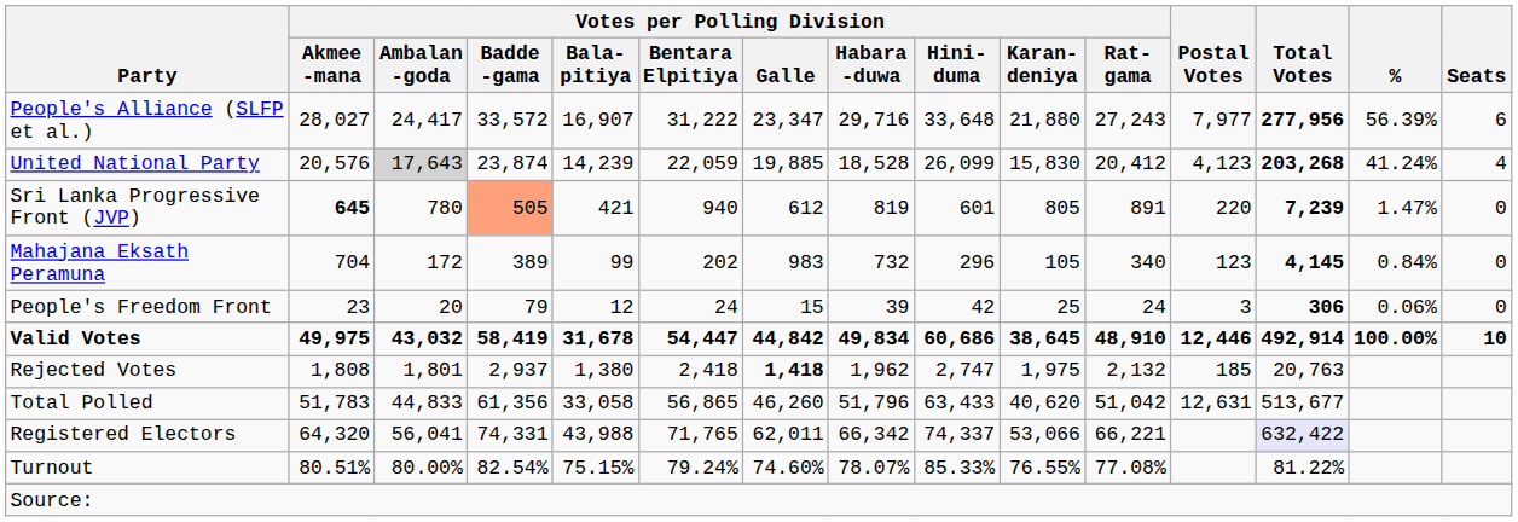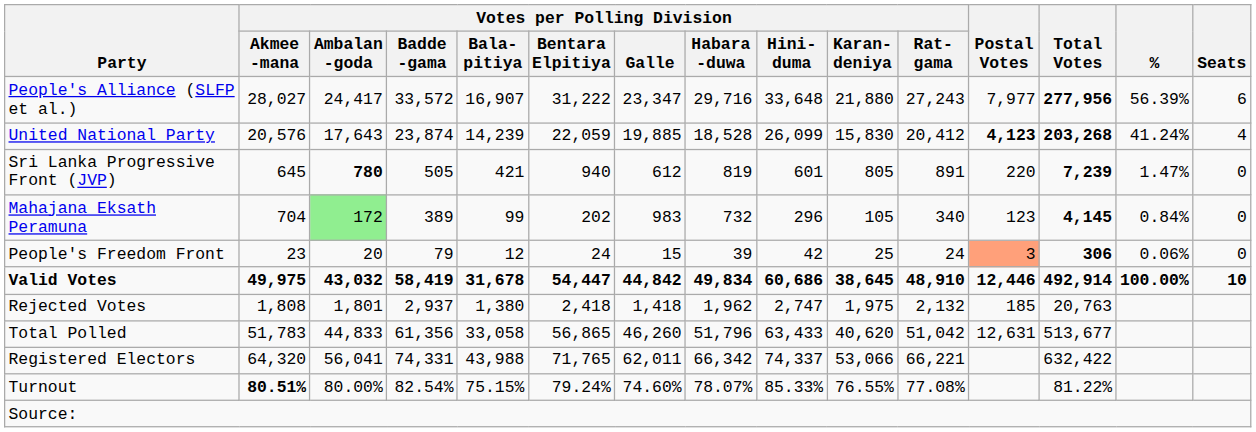 <table class="wikitable" border="1" style="text-align:right;">
 <tr>
 <th rowspan="2" align="left" valign="bottom" width="180">Party</th>
 <th colspan="10">Votes per Polling Division</th>
 <th rowspan="2" align="center" valign="bottom" width="50">Postal<br>Votes</th>
 <th rowspan="2" align="center" valign="bottom" width="50">Total Votes</th>
 <th rowspan="2" align="center" valign="bottom" width="50">%</th>
 <th rowspan="2" align="center" valign="bottom" width="40">Seats</th>
 </tr>
 <tr>
 <th align="center" valign="bottom" width="50">Akmee<br>-mana</th>
 <th align="center" valign="bottom" width="50">Ambalan<br>-goda</th>
 <th align="center" valign="bottom" width="50">Badde<br>-gama</th>
 <th align="center" valign="bottom" width="50">Bala-<br>pitiya</th>
 <th align="center" valign="bottom" width="50">Bentara<br>Elpitiya</th>
 <th align="center" valign="bottom" width="50">Galle</th>
 <th align="center" valign="bottom" width="50">Habara<br>-duwa</th>
 <th align="center" valign="bottom" width="50">Hini-<br>duma</th>
 <th align="center" valign="bottom" width="50">Karan-<br>deniya</th>
 <th align="center" valign="bottom" width="50">Rat-<br>gama</th>
 </tr>
 <tr>
 <td align="left"><a href='#'>People's Alliance</a> (<a href='#'>SLFP</a> et al.)</td>
 <td>28,027</td>
 <td>24,417</td>
 <td>33,572</td>
 <td>16,907</td>
 <td>31,222</td>
 <td>23,347</td>
 <td>29,716</td>
 <td>33,648</td>
 <td>21,880</td>
 <td>27,243</td>
 <td>7,977</td>
 <td><strong>277,956</strong></td>
 <td>56.39%</td>
 <td>6</td>
 </tr>
 <tr>
 <td align="left"><a href='#'>United National Party</a></td>
 <td>20,576</td>
-<td style="background: lightgrey;">17,643</td>
+<td>17,643</td>
 <td>23,874</td>
 <td>14,239</td>
 <td>22,059</td>
 <td>19,885</td>
 <td>18,528</td>
 <td>26,099</td>
 <td>15,830</td>
 <td>20,412</td>
-<td>4,123</td>
+<td><strong>4,123</strong></td>
 <td><strong>203,268</strong></td>
 <td>41.24%</td>
 <td>4</td>
 </tr>
 <tr>
 <td align="left">Sri Lanka Progressive Front (<a href='#'>JVP</a>)</td>
-<td><strong>645</strong></td>
-<td>780</td>
-<td style="background: lightsalmon;">505</td>
+<td>645</td>
+<td><strong>780</strong></td>
+<td>505</td>
 <td>421</td>
 <td>940</td>
 <td>612</td>
 <td>819</td>
 <td>601</td>
 <td>805</td>
 <td>891</td>
 <td>220</td>
 <td><strong>7,239</strong></td>
 <td>1.47%</td>
 <td>0</td>
 </tr>
 <tr>
 <td align="left"><a href='#'>Mahajana Eksath Peramuna</a></td>
 <td>704</td>
-<td>172</td>
+<td style="background: lightgreen;">172</td>
 <td>389</td>
 <td>99</td>
 <td>202</td>
 <td>983</td>
 <td>732</td>
 <td>296</td>
 <td>105</td>
 <td>340</td>
 <td>123</td>
 <td><strong>4,145</strong></td>
 <td>0.84%</td>
 <td>0</td>
 </tr>
 <tr>
 <td align="left">People's Freedom Front</td>
 <td>23</td>
 <td>20</td>
 <td>79</td>
 <td>12</td>
 <td>24</td>
 <td>15</td>
 <td>39</td>
 <td>42</td>
 <td>25</td>
 <td>24</td>
-<td>3</td>
+<td style="background: lightsalmon;">3</td>
 <td><strong>306</strong></td>
 <td>0.06%</td>
 <td>0</td>
 </tr>
 <tr>
 <td align="left"><strong>Valid Votes</strong></td>
 <td><strong>49,975</strong></td>
 <td><strong>43,032</strong></td>
 <td><strong>58,419</strong></td>
 <td><strong>31,678</strong></td>
 <td><strong>54,447</strong></td>
 <td><strong>44,842</strong></td>
 <td><strong>49,834</strong></td>
 <td><strong>60,686</strong></td>
 <td><strong>38,645</strong></td>
 <td><strong>48,910</strong></td>
 <td><strong>12,446</strong></td>
 <td><strong>492,914</strong></td>
 <td><strong>100.00%</strong></td>
 <td><strong>10</strong></td>
 </tr>
 <tr>
 <td align="left">Rejected Votes</td>
 <td>1,808</td>
 <td>1,801</td>
 <td>2,937</td>
 <td>1,380</td>
 <td>2,418</td>
-<td><strong>1,418</strong></td>
+<td>1,418</td>
 <td>1,962</td>
 <td>2,747</td>
 <td>1,975</td>
 <td>2,132</td>
 <td>185</td>
 <td>20,763</td>
 <td></td>
 <td></td>
 </tr>
 <tr>
 <td align="left">Total Polled</td>
 <td>51,783</td>
 <td>44,833</td>
 <td>61,356</td>
 <td>33,058</td>
 <td>56,865</td>
 <td>46,260</td>
 <td>51,796</td>
 <td>63,433</td>
 <td>40,620</td>
 <td>51,042</td>
 <td>12,631</td>
 <td>513,677</td>
 <td></td>
 <td></td>
 </tr>
 <tr>
 <td align="left">Registered Electors</td>
 <td>64,320</td>
 <td>56,041</td>
 <td>74,331</td>
 <td>43,988</td>
 <td>71,765</td>
 <td>62,011</td>
 <td>66,342</td>
 <td>74,337</td>
 <td>53,066</td>
 <td>66,221</td>
 <td></td>
-<td style="background: lavender;">632,422</td>
+<td>632,422</td>
 <td></td>
 <td></td>
 </tr>
 <tr>
 <td align="left">Turnout</td>
-<td>80.51%</td>
+<td><strong>80.51%</strong></td>
 <td>80.00%</td>
 <td>82.54%</td>
 <td>75.15%</td>
 <td>79.24%</td>
 <td>74.60%</td>
 <td>78.07%</td>
 <td>85.33%</td>
 <td>76.55%</td>
 <td>77.08%</td>
 <td></td>
 <td>81.22%</td>
 <td></td>
 <td></td>
 </tr>
 <tr>
 <td colspan="16" align="left">Source:</td>
 </tr>
 </table>
